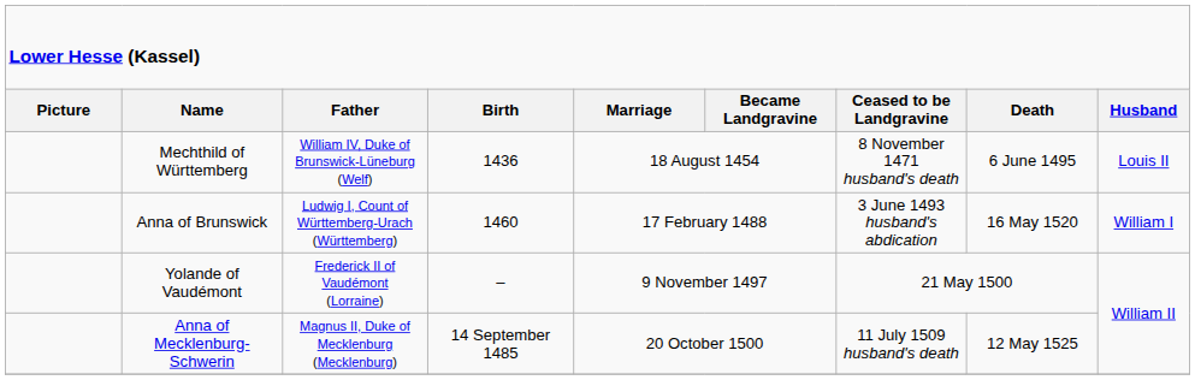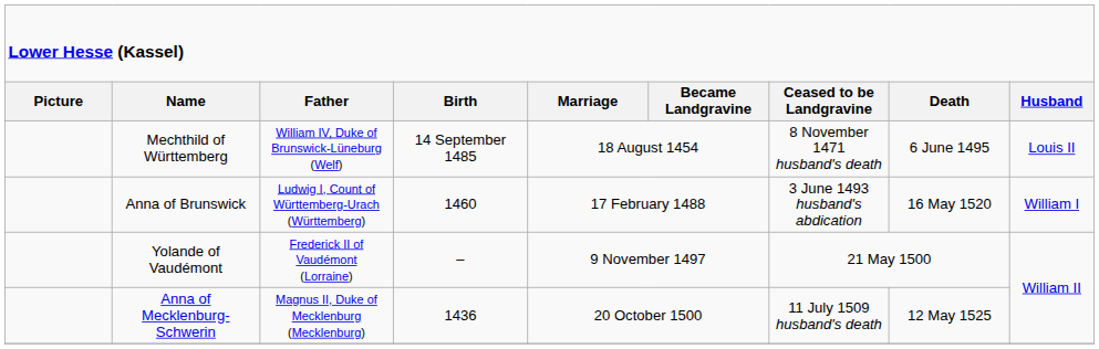 <table width=95% class="wikitable">
 <tr>
 <td colspan="9"><br><h3><a href='#'>Lower Hesse</a> (Kassel)</h3></td>
 </tr>
 <tr>
 <th width = "8%">Picture</th>
 <th width = "11%">Name</th>
 <th width = "10%">Father</th>
 <th width = "10%">Birth</th>
 <th width = "9%">Marriage</th>
 <th width = "9%">Became Landgravine</th>
 <th width = "9%">Ceased to be Landgravine</th>
 <th width = "9%">Death</th>
 <th width = "6%"><a href='#'>Husband</a></th>
 </tr>
 <tr>
 <td align="center"></td>
 <td align="center">Mechthild of Württemberg</td>
 <td align="center"><small><a href='#'>William IV, Duke of Brunswick-Lüneburg</a><br>(<a href='#'>Welf</a>)</small></td>
-<td align="center">1436</td>
+<td align="center">14 September 1485</td>
 <td align="center" colspan="2">18 August 1454</td>
 <td align="center">8 November 1471<br><em>husband's death</em></td>
 <td align="center">6 June 1495</td>
 <td align="center"><a href='#'>Louis II</a></td>
 </tr>
 <tr>
 <td align="center"></td>
 <td align="center">Anna of Brunswick</td>
 <td align="center"><small><a href='#'>Ludwig I, Count of Württemberg-Urach</a><br>(<a href='#'>Württemberg</a>)</small></td>
 <td align="center">1460</td>
 <td align="center" colspan="2">17 February 1488</td>
 <td align="center">3 June 1493<br><em>husband's abdication</em></td>
 <td align="center">16 May 1520</td>
 <td align="center"><a href='#'>William I</a></td>
 </tr>
 <tr>
 <td align="center"></td>
 <td align="center">Yolande of Vaudémont</td>
 <td align="center"><small><a href='#'>Frederick II of Vaudémont</a><br>(<a href='#'>Lorraine</a>)</small></td>
 <td align="center">–</td>
 <td align="center" colspan="2">9 November 1497</td>
 <td align="center" colspan="2">21 May 1500</td>
 <td align="center" rowspan="2"><a href='#'>William II</a></td>
 </tr>
 <tr>
 <td align="center"></td>
 <td align="center"><a href='#'>Anna of Mecklenburg-Schwerin</a></td>
 <td align="center"><small><a href='#'>Magnus II, Duke of Mecklenburg</a><br>(<a href='#'>Mecklenburg</a>)</small></td>
-<td align="center">14 September 1485</td>
+<td align="center">1436</td>
 <td align="center" colspan="2">20 October 1500</td>
 <td align="center">11 July 1509<br><em>husband's death</em></td>
 <td align="center">12 May 1525</td>
 </tr>
 <tr>
 </tr>
 </table>
